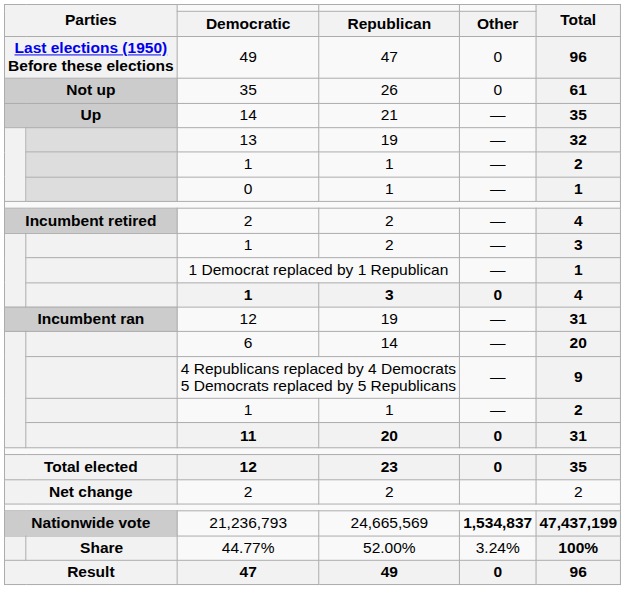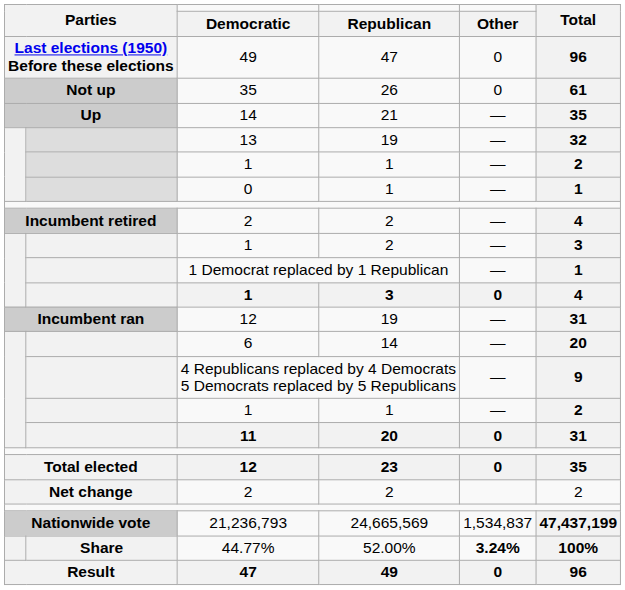 <table class=wikitable style=text-align:center>
 <tr>
 <th colspan=2 rowspan=2>Parties</th>
 <td></td>
 <td></td>
 <td></td>
 <th rowspan=2>Total</th>
 </tr>
 <tr valign=bottom>
 <th>Democratic</th>
 <th>Republican</th>
 <th>Other</th>
 </tr>
 <tr>
 <th colspan=2><a href='#'>Last elections (1950)</a><br>Before these elections</th>
 <td>49</td>
 <td>47</td>
 <td>0</td>
 <th>96</th>
 </tr>
 <tr>
 <th colspan=2 style="background:#ccc">Not up</th>
 <td>35</td>
 <td>26</td>
 <td>0</td>
 <th>61</th>
 </tr>
 <tr>
 <th colspan=2 style="background:#ccc">Up</th>
 <td>14</td>
 <td>21</td>
 <td>—</td>
 <th>35</th>
 </tr>
 <tr>
 <th rowspan=3></th>
 <th style="background:#ddd"></th>
 <td>13</td>
 <td>19</td>
 <td>—</td>
 <th>32</th>
 </tr>
 <tr>
 <th style="background:#ddd"></th>
 <td>1</td>
 <td>1</td>
 <td>—</td>
 <th>2</th>
 </tr>
 <tr>
 <th style="background:#ddd"></th>
 <td>0</td>
 <td>1</td>
 <td>—</td>
 <th>1</th>
 </tr>
 <tr>
 <td colspan=100></td>
 </tr>
 <tr>
 <th colspan=2 style="background:#ccc">Incumbent retired</th>
 <td>2</td>
 <td>2</td>
 <td>—</td>
 <th>4</th>
 </tr>
 <tr>
 <th rowspan=3></th>
 <th></th>
 <td>1</td>
 <td>2</td>
 <td>—</td>
 <th>3</th>
 </tr>
 <tr>
 <th></th>
 <td colspan=2 >1 Democrat replaced by 1 Republican</td>
 <td>—</td>
 <th>1</th>
 </tr>
 <tr>
 <th></th>
 <th>1</th>
 <th>3</th>
 <th>0</th>
 <th>4</th>
 </tr>
 <tr>
 <th colspan=2 style="background:#ccc">Incumbent ran</th>
 <td>12</td>
 <td>19</td>
 <td>—</td>
 <th>31</th>
 </tr>
 <tr>
 <th rowspan=4></th>
 <th></th>
 <td>6</td>
 <td>14</td>
 <td>—</td>
 <th>20</th>
 </tr>
 <tr>
 <th></th>
 <td colspan=2 >4 Republicans replaced by 4 Democrats<br>5 Democrats replaced by 5 Republicans</td>
 <td>—</td>
 <th>9</th>
 </tr>
 <tr>
 <th></th>
 <td>1</td>
 <td>1</td>
 <td>—</td>
 <th>2</th>
 </tr>
 <tr>
 <th></th>
 <th>11</th>
 <th>20</th>
 <th>0</th>
 <th>31</th>
 </tr>
 <tr>
 <td colspan=99></td>
 </tr>
 <tr>
 <th colspan=2>Total elected</th>
 <th>12</th>
 <th>23</th>
 <th>0</th>
 <th>35</th>
 </tr>
 <tr>
 <th colspan=2>Net change</th>
 <td>2</td>
 <td>2</td>
 <td></td>
 <td>2</td>
 </tr>
 <tr>
 <td colspan=99></td>
 </tr>
 <tr>
 <th colspan=2 style="background:#ccc">Nationwide vote</th>
 <td>21,236,793</td>
 <td>24,665,569</td>
-<td><strong>1,534,837</strong></td>
+<td>1,534,837</td>
 <th>47,437,199</th>
 </tr>
 <tr>
 <th></th>
 <th>Share</th>
 <td>44.77%</td>
 <td>52.00%</td>
-<td>3.24%</td>
+<td><strong>3.24%</strong></td>
 <th>100%</th>
 </tr>
 <tr>
 <th colspan=2>Result</th>
 <th>47</th>
 <th>49</th>
 <th>0</th>
 <th>96</th>
 </tr>
 </table>
